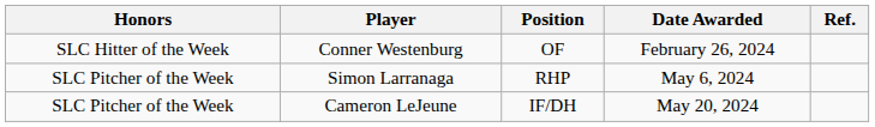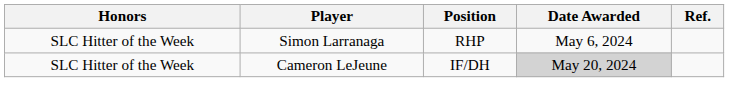 <table class="wikitable" style="width: 60%;text-align: center;">
 <tr>
 <th>Honors</th>
 <th>Player</th>
 <th>Position</th>
 <th>Date Awarded</th>
 <th>Ref.</th>
 </tr>
 <tr align="center">
 <td rowspan="1">SLC Hitter of the Week</td>
-<td>Conner Westenburg</td>
-<td>OF</td>
-<td>February 26, 2024</td>
-<td></td>
-</tr>
-<tr align="center">
-<td rowspan="1">SLC Pitcher of the Week</td>
 <td>Simon Larranaga</td>
 <td>RHP</td>
 <td>May 6, 2024</td>
 <td></td>
 </tr>
 <tr align="center">
-<td rowspan="1">SLC Pitcher of the Week</td>
+<td rowspan="1">SLC Hitter of the Week</td>
 <td>Cameron LeJeune</td>
 <td>IF/DH</td>
-<td>May 20, 2024</td>
+<td style="background: lightgrey;">May 20, 2024</td>
 <td></td>
 </tr>
 </table>
